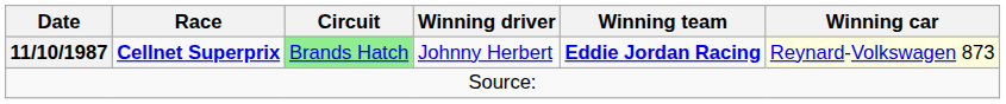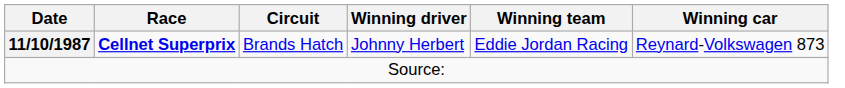 <table class="wikitable" style="font-size: 90%;">
 <tr>
 <th>Date</th>
 <th>Race</th>
 <th>Circuit</th>
 <th>Winning driver</th>
 <th>Winning team</th>
 <th>Winning car</th>
 </tr>
 <tr>
 <th>11/10/1987</th>
 <td><strong><a href='#'>Cellnet Superprix</a></strong></td>
-<td style="background: lightgreen;"> <a href='#'>Brands Hatch</a></td>
+<td> <a href='#'>Brands Hatch</a></td>
 <td> <a href='#'>Johnny Herbert</a></td>
-<td><strong><a href='#'>Eddie Jordan Racing</a></strong></td>
-<td style="background: lightyellow;"><a href='#'>Reynard</a>-<a href='#'>Volkswagen</a> 873</td>
+<td><a href='#'>Eddie Jordan Racing</a></td>
+<td><a href='#'>Reynard</a>-<a href='#'>Volkswagen</a> 873</td>
 </tr>
 <tr>
 <td colspan=6 align=center>Source:</td>
 </tr>
 </table>
